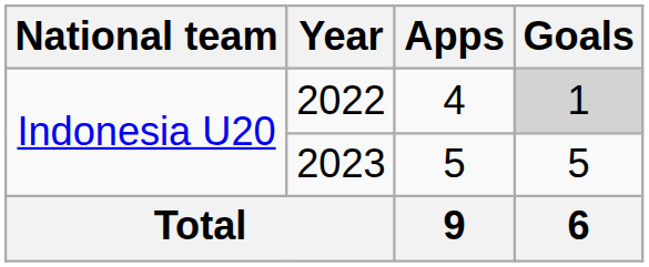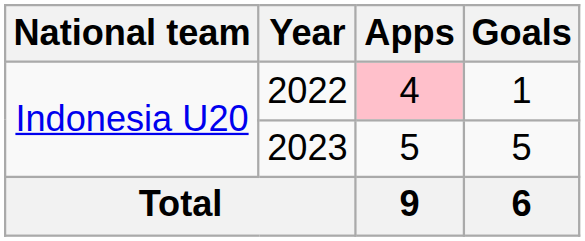 <table class="wikitable" style="text-align:center">
 <tr>
 <th>National team</th>
 <th>Year</th>
 <th>Apps</th>
 <th>Goals</th>
 </tr>
 <tr>
 <td rowspan="2"><a href='#'>Indonesia U20</a></td>
 <td>2022</td>
-<td>4</td>
-<td style="background: lightgrey;">1</td>
+<td style="background: pink;">4</td>
+<td>1</td>
 </tr>
 <tr>
 <td>2023</td>
 <td>5</td>
 <td>5</td>
 </tr>
 <tr>
 <th colspan="2">Total</th>
 <th>9</th>
 <th>6</th>
 </tr>
 </table>
